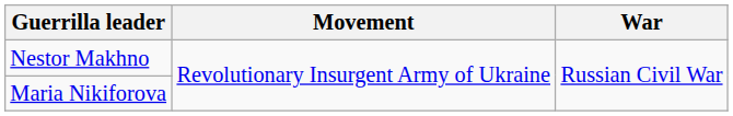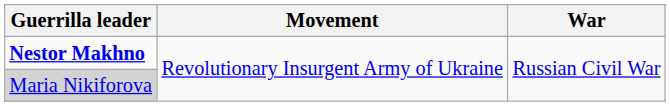 <table class="wikitable">
 <tr>
 <th>Guerrilla leader</th>
 <th>Movement</th>
 <th>War</th>
 </tr>
 <tr>
-<td><a href='#'>Nestor Makhno</a></td>
+<td><strong><a href='#'>Nestor Makhno</a></strong></td>
 <td rowspan="2"><a href='#'>Revolutionary Insurgent Army of Ukraine</a></td>
 <td rowspan="2"><a href='#'>Russian Civil War</a></td>
 </tr>
 <tr>
-<td><a href='#'>Maria Nikiforova</a></td>
+<td style="background: lightgrey;"><a href='#'>Maria Nikiforova</a></td>
 </tr>
 </table>
